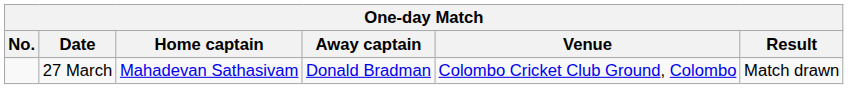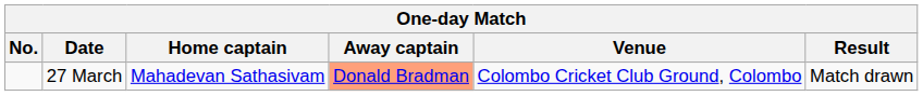 <table class="wikitable">
 <tr>
 <th colspan="9">One-day Match</th>
 </tr>
 <tr>
 <th>No.</th>
 <th>Date</th>
 <th>Home captain</th>
 <th>Away captain</th>
 <th>Venue</th>
 <th>Result</th>
 </tr>
 <tr>
 <td></td>
 <td>27 March</td>
 <td><a href='#'>Mahadevan Sathasivam</a></td>
-<td><a href='#'>Donald Bradman</a></td>
+<td style="background: lightsalmon;"><a href='#'>Donald Bradman</a></td>
 <td><a href='#'>Colombo Cricket Club Ground</a>, <a href='#'>Colombo</a></td>
 <td>Match drawn</td>
 </tr>
 </table>
